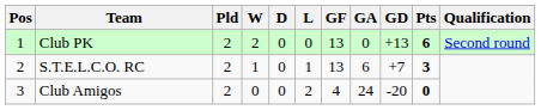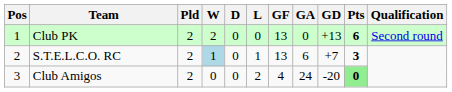 <table class="wikitable" style="text-align:center">
 <tr>
 <th style="width:20px;" abbr="Position">Pos</th>
 <th width=175>Team</th>
 <th style="width:20px;" abbr="Played">Pld</th>
 <th style="width:20px;" abbr="Won">W</th>
 <th style="width:20px;" abbr="Drawn">D</th>
 <th style="width:20px;" abbr="Lost">L</th>
 <th style="width:20px;" abbr="Goals for">GF</th>
 <th style="width:20px;" abbr="Goals against">GA</th>
 <th style="width:20px;" abbr="Goal difference">GD</th>
 <th style="width:20px;" abbr="Points">Pts</th>
 <th style="width:20px;">Qualification</th>
 </tr>
 <tr style="background:#cfc;">
 <td>1</td>
 <td align=left>Club PK</td>
 <td>2</td>
 <td>2</td>
 <td>0</td>
 <td>0</td>
 <td>13</td>
 <td>0</td>
 <td>+13</td>
 <td><strong>6</strong></td>
 <td><a href='#'>Second round</a></td>
 </tr>
 <tr>
 <td>2</td>
 <td align=left>S.T.E.L.C.O. RC</td>
 <td>2</td>
-<td>1</td>
+<td style="background: lightblue;">1</td>
 <td>0</td>
 <td>1</td>
 <td>13</td>
 <td>6</td>
 <td>+7</td>
 <td><strong>3</strong></td>
 </tr>
 <tr>
 <td>3</td>
 <td align=left>Club Amigos</td>
 <td>2</td>
 <td>0</td>
 <td>0</td>
 <td>2</td>
 <td>4</td>
 <td>24</td>
 <td>-20</td>
-<td><strong>0</strong></td>
+<td style="background: lightgreen;"><strong>0</strong></td>
 </tr>
 </table>
